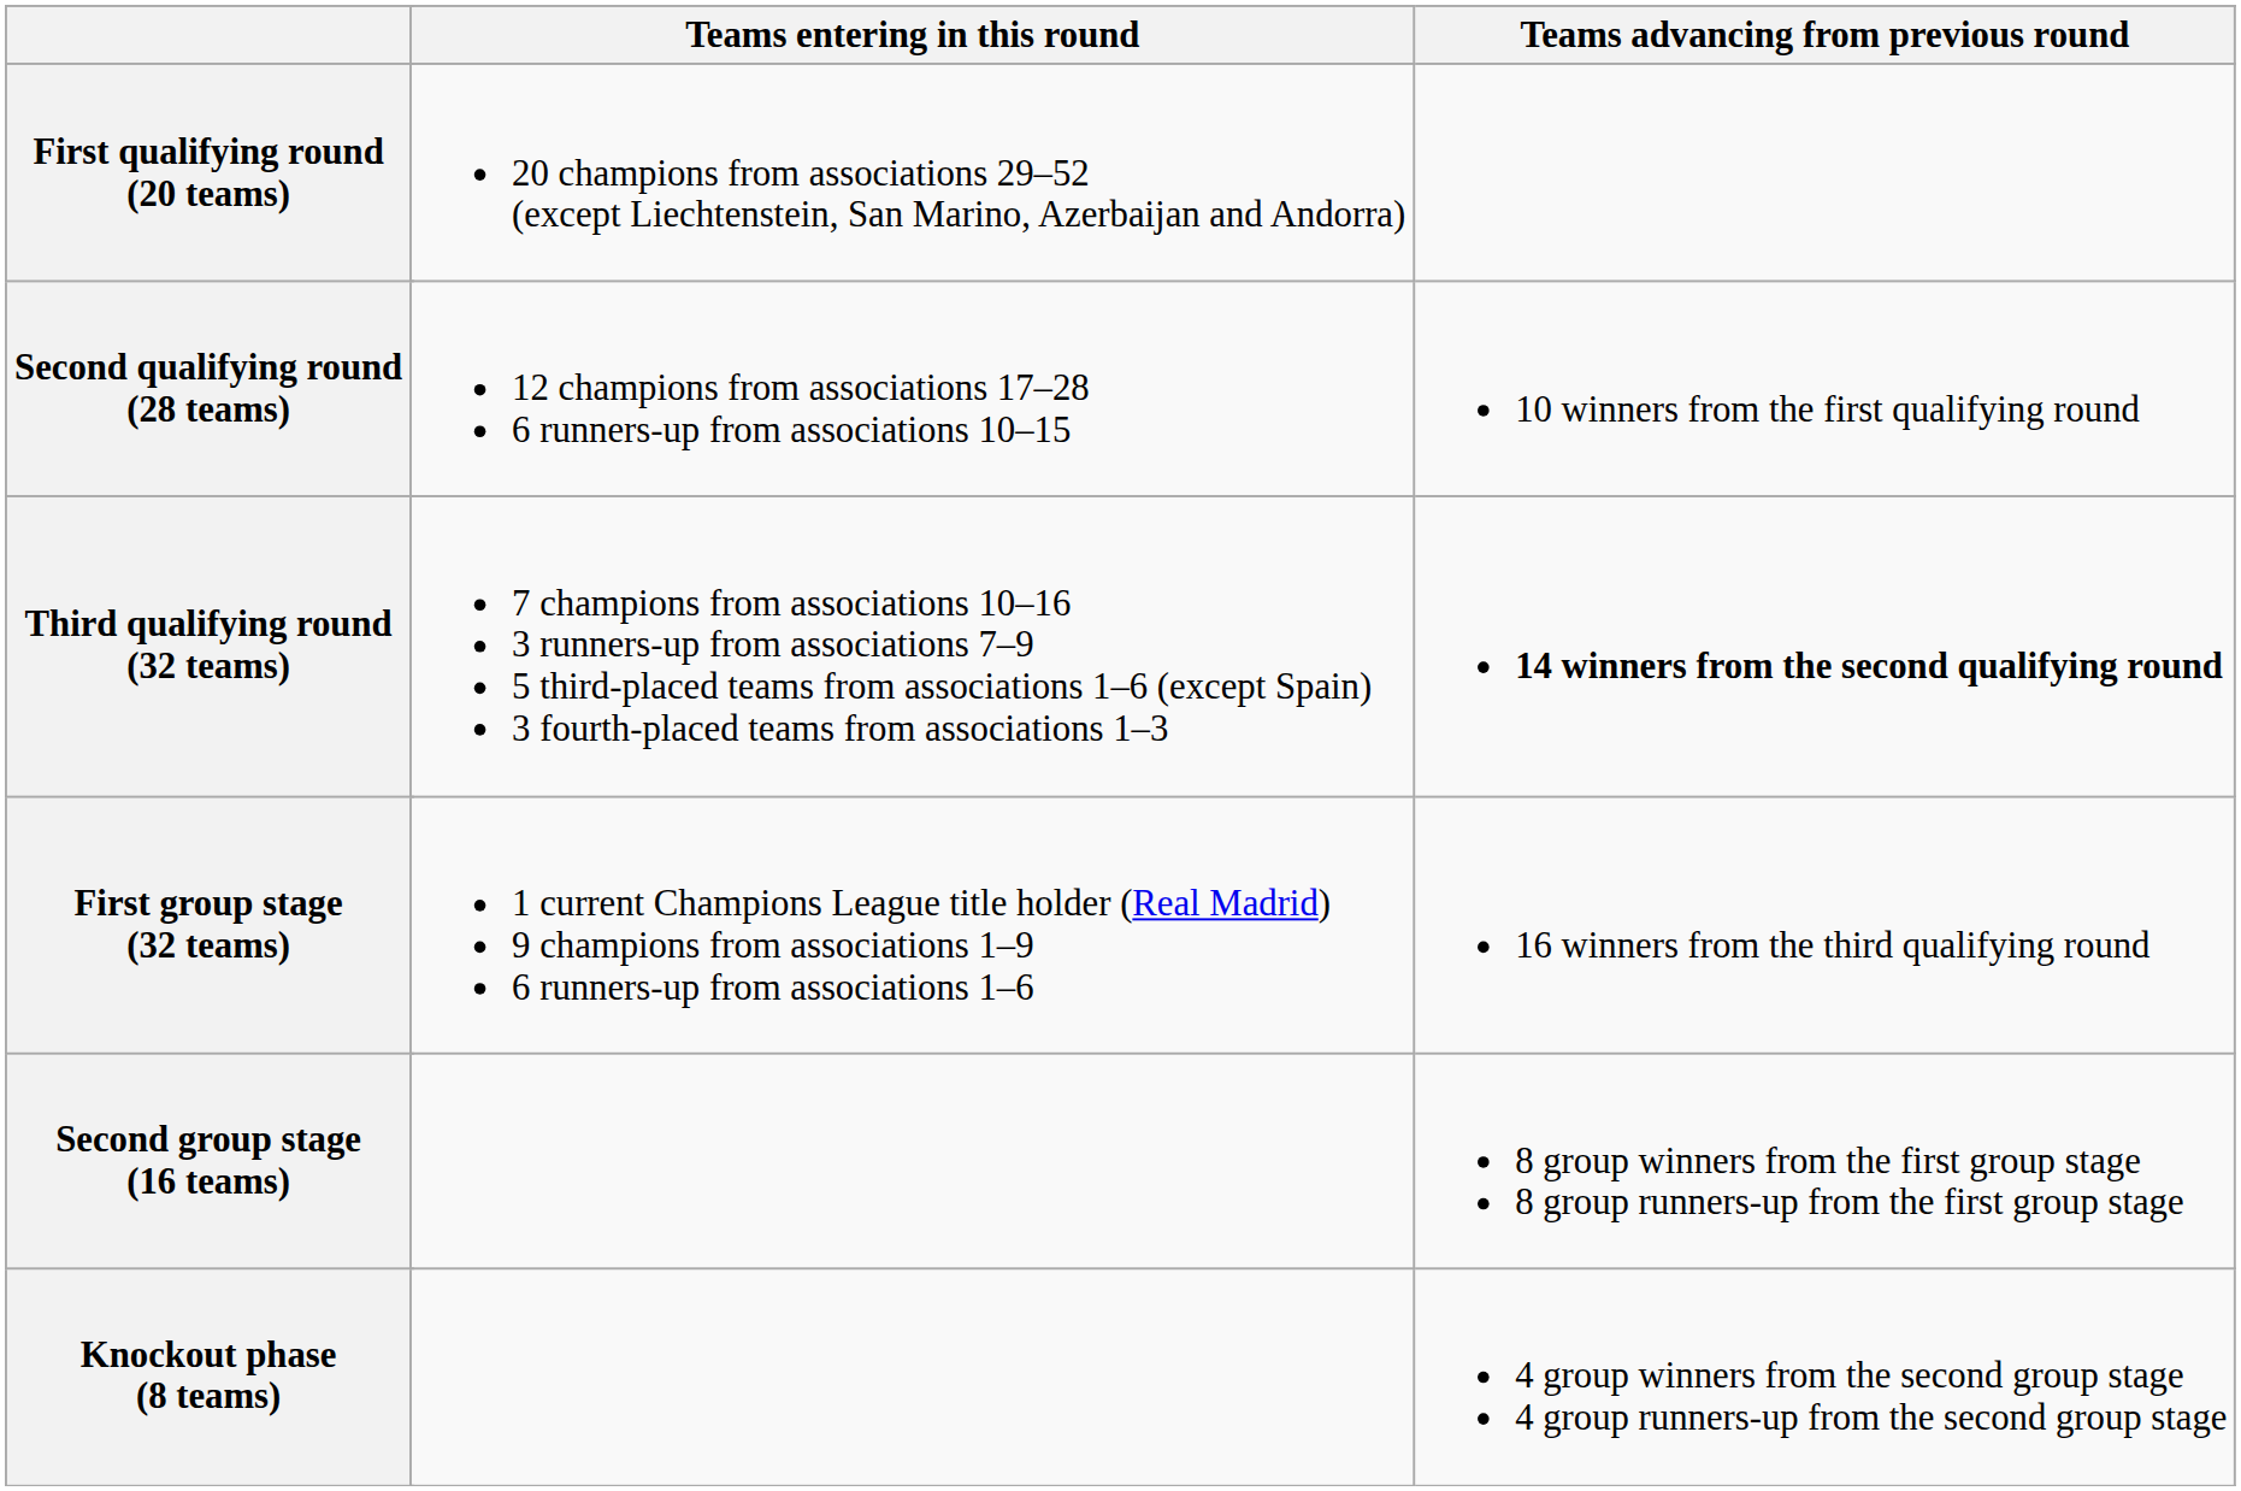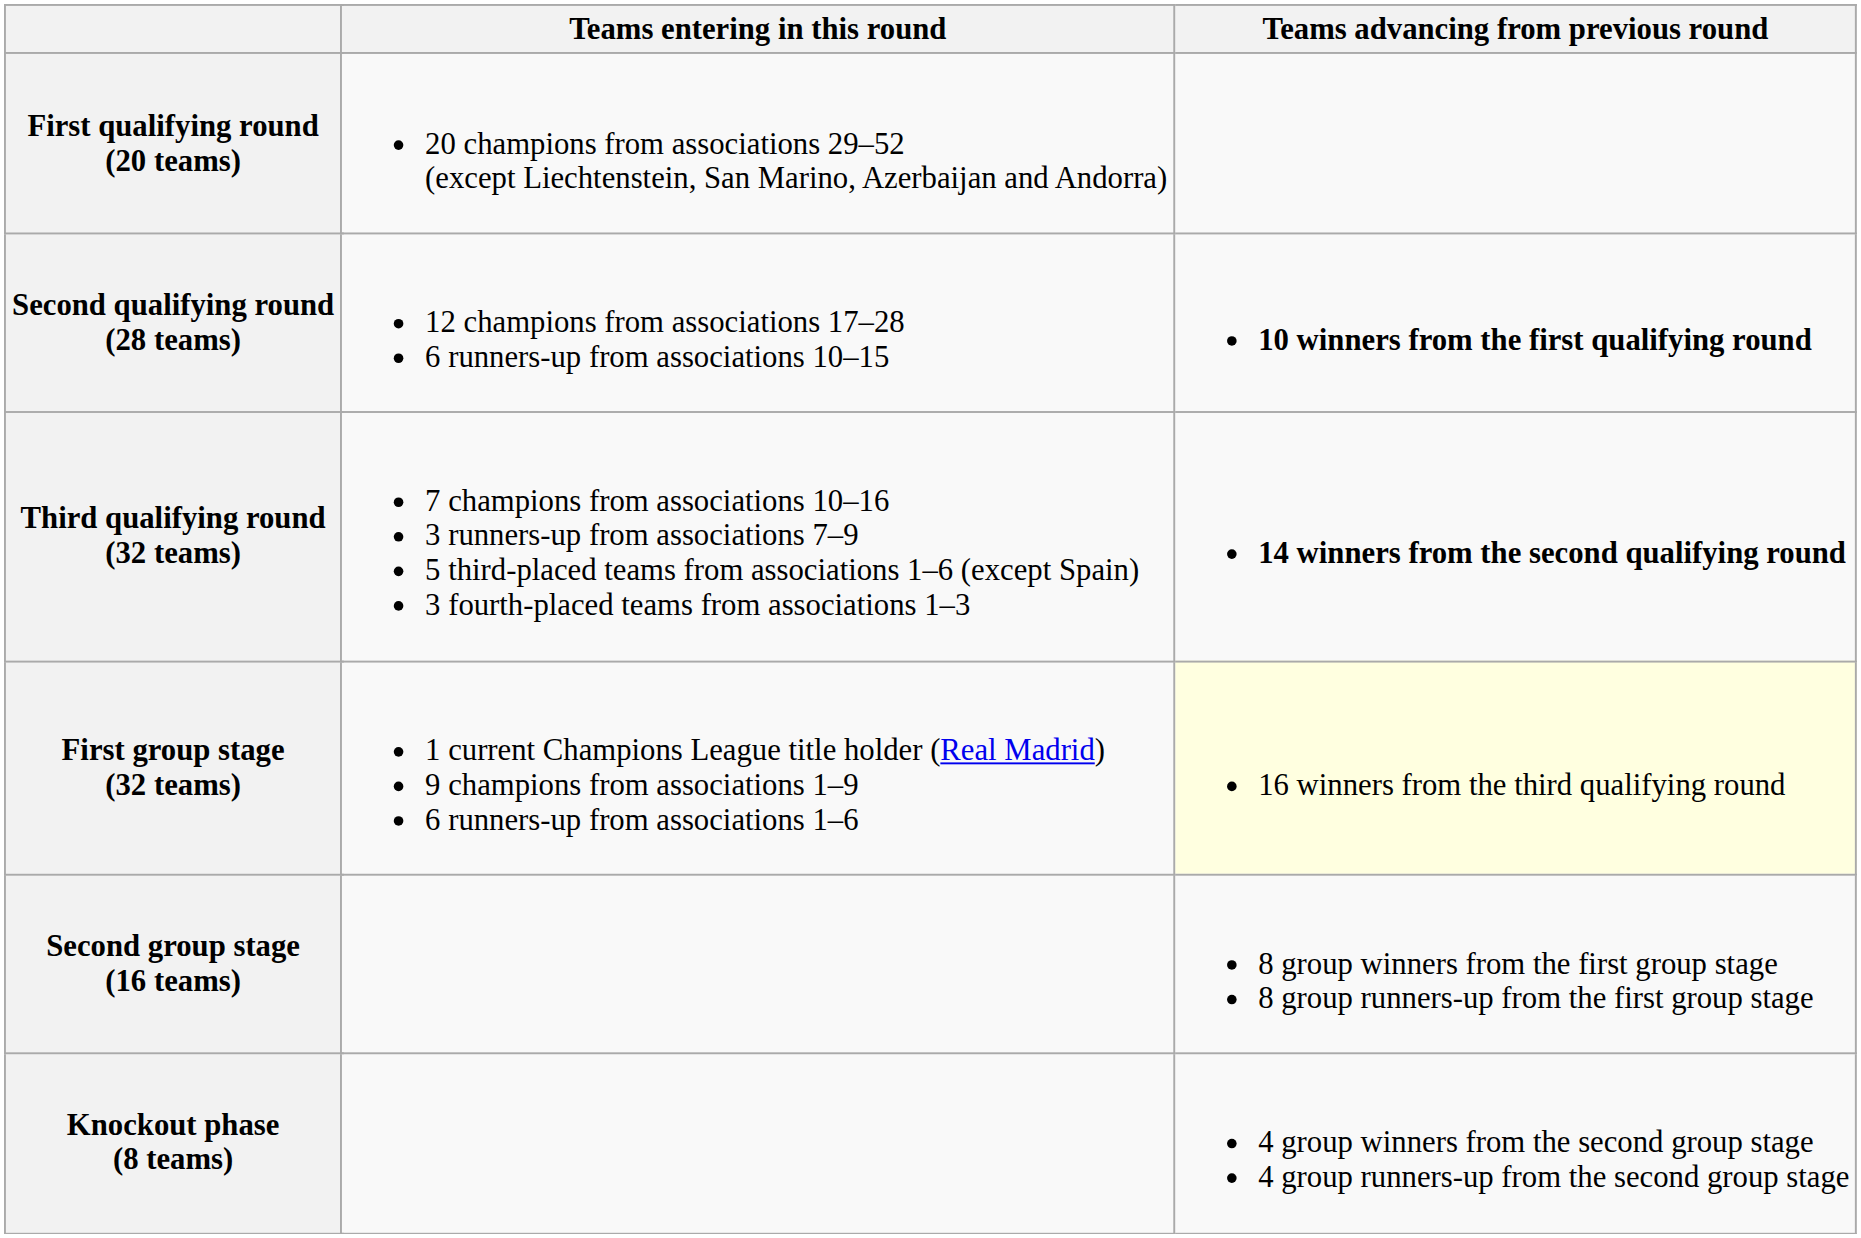 <table class="wikitable">
 <tr>
 <th colspan=2></th>
 <th>Teams entering in this round</th>
 <th>Teams advancing from previous round</th>
 </tr>
 <tr>
 <th colspan=2>First qualifying round<br>(20 teams)</th>
 <td><br><ul><li>20 champions from associations 29–52<br>(except Liechtenstein, San Marino, Azerbaijan and Andorra)</li></ul></td>
 <td></td>
 </tr>
 <tr>
 <th colspan=2>Second qualifying round<br>(28 teams)</th>
 <td><br><ul><li>12 champions from associations 17–28</li><li>6 runners-up from associations 10–15</li></ul></td>
-<td><br><ul><li>10 winners from the first qualifying round</li></ul></td>
+<td><strong><br><ul><li>10 winners from the first qualifying round</li></ul></strong></td>
 </tr>
 <tr>
 <th colspan=2>Third qualifying round<br>(32 teams)</th>
 <td><br><ul><li>7 champions from associations 10–16</li><li>3 runners-up from associations 7–9</li><li>5 third-placed teams from associations 1–6 (except Spain)</li><li>3 fourth-placed teams from associations 1–3</li></ul></td>
 <td><strong><br><ul><li>14 winners from the second qualifying round</li></ul></strong></td>
 </tr>
 <tr>
 <th colspan=2>First group stage<br>(32 teams)</th>
 <td><br><ul><li>1 current Champions League title holder (<a href='#'>Real Madrid</a>)</li><li>9 champions from associations 1–9</li><li>6 runners-up from associations 1–6</li></ul></td>
-<td><br><ul><li>16 winners from the third qualifying round</li></ul></td>
+<td style="background: lightyellow;"><br><ul><li>16 winners from the third qualifying round</li></ul></td>
 </tr>
 <tr>
 <th colspan=2>Second group stage<br>(16 teams)</th>
 <td></td>
 <td><br><ul><li>8 group winners from the first group stage</li><li>8 group runners-up from the first group stage</li></ul></td>
 </tr>
 <tr>
 <th colspan=2>Knockout phase<br>(8 teams)</th>
 <td></td>
 <td><br><ul><li>4 group winners from the second group stage</li><li>4 group runners-up from the second group stage</li></ul></td>
 </tr>
 </table>
